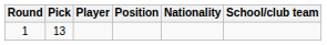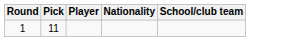 <table class="wikitable sortable sortable" style="text-align: center">
 <tr>
 <th>Round</th>
 <th>Pick</th>
 <th>Player</th>
-<th>Position</th>
 <th>Nationality</th>
 <th>School/club team</th>
 </tr>
 <tr style="text-align: center">
 <td>1</td>
-<td>13</td>
-<td></td>
+<td>11</td>
 <td></td>
 <td></td>
 <td></td>
 </tr>
 </table>
